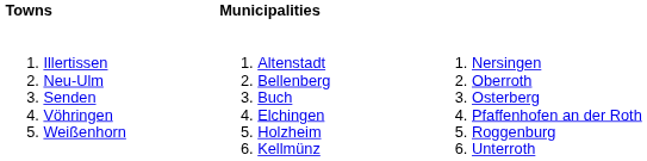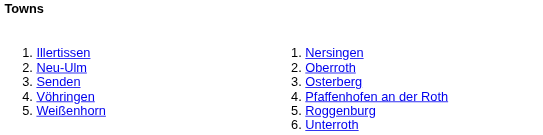 <table>
 <tr>
 <th align=left width=33%>Towns</th>
-<th align=left width=33%>Municipalities</th>
 <th align=left width=33%></th>
 </tr>
 <tr valign=top>
 <td><br><ol><li><a href='#'>Illertissen</a></li><li><a href='#'>Neu-Ulm</a></li><li><a href='#'>Senden</a></li><li><a href='#'>Vöhringen</a></li><li><a href='#'>Weißenhorn</a></li></ol></td>
-<td><br><ol><li><a href='#'>Altenstadt</a></li><li><a href='#'>Bellenberg</a></li><li><a href='#'>Buch</a></li><li><a href='#'>Elchingen</a></li><li><a href='#'>Holzheim</a></li><li><a href='#'>Kellmünz</a></li></ol></td>
 <td><br><ol> <li><a href='#'>Nersingen</a> <li><a href='#'>Oberroth</a> <li><a href='#'>Osterberg</a> <li><a href='#'>Pfaffenhofen an der Roth</a> <li><a href='#'>Roggenburg</a> <li><a href='#'>Unterroth</a> </ol></td>
 </tr>
 </table>
